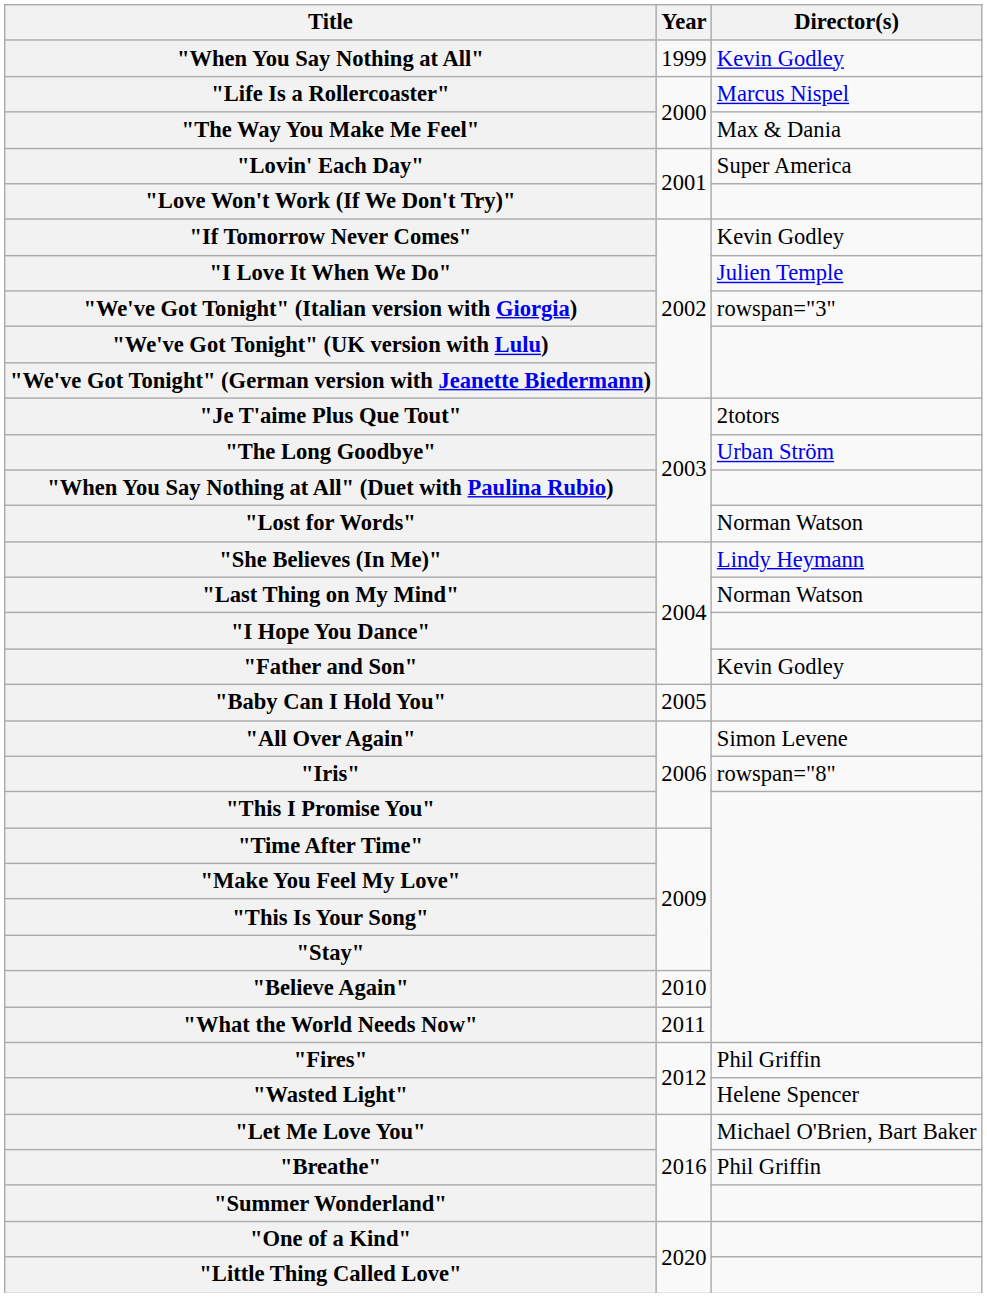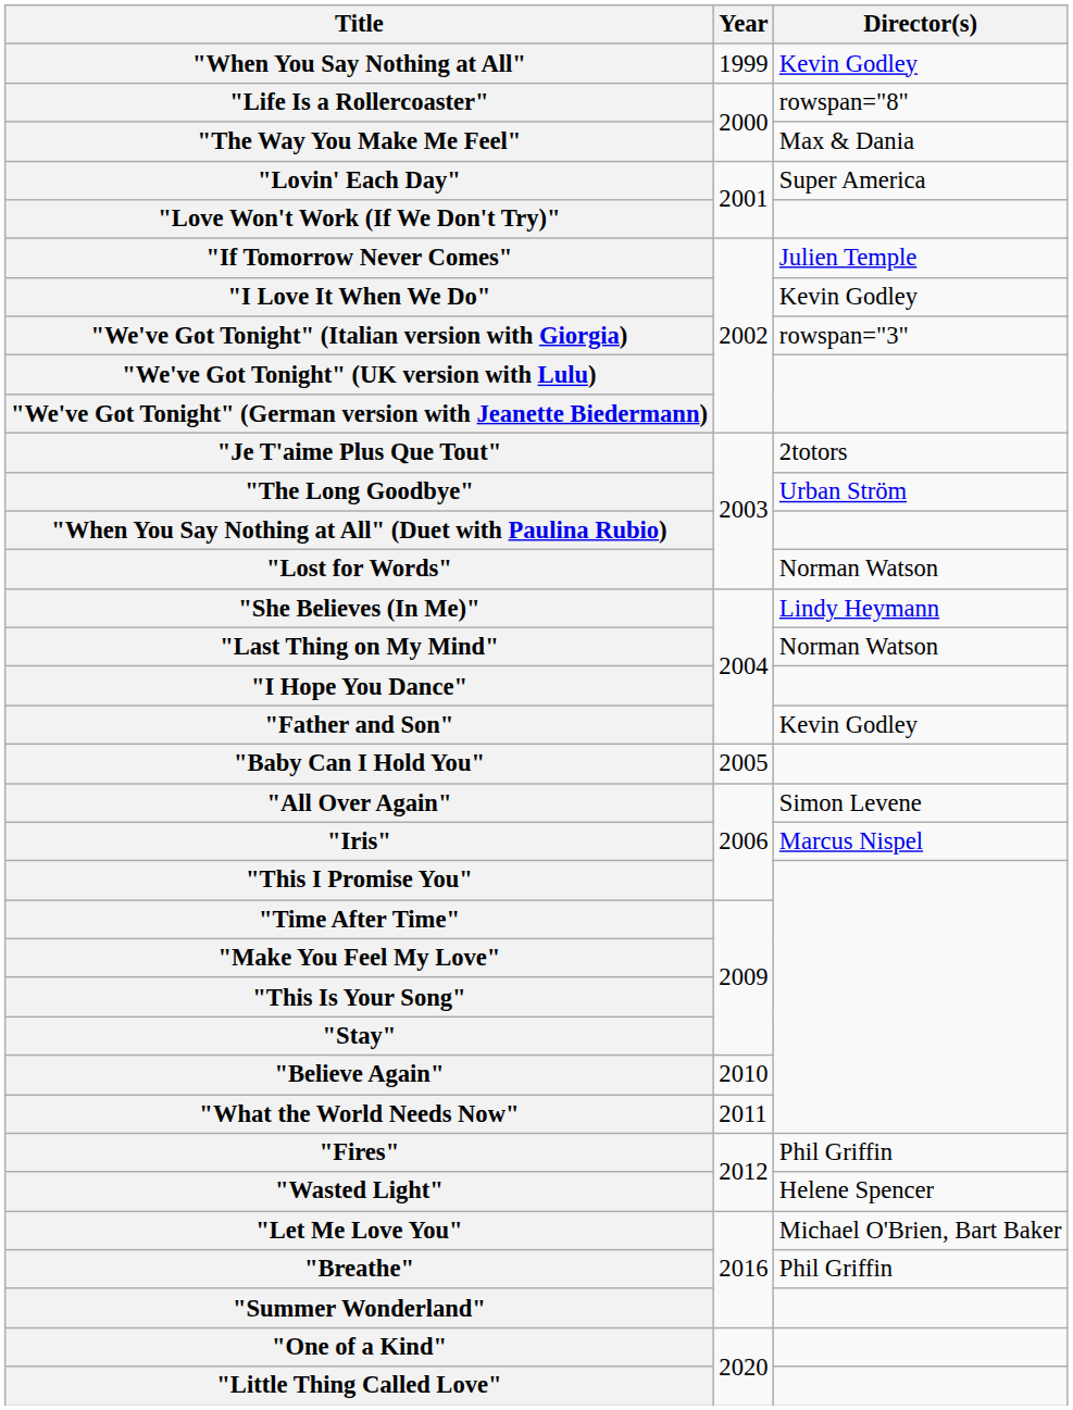 <table class="wikitable plainrowheaders">
 <tr>
 <th scope="col">Title</th>
 <th scope="col">Year</th>
 <th scope="col">Director(s)</th>
 </tr>
 <tr>
 <th scope="row">"When You Say Nothing at All"</th>
 <td>1999</td>
 <td><a href='#'>Kevin Godley</a></td>
 </tr>
 <tr>
 <th scope="row">"Life Is a Rollercoaster"</th>
 <td rowspan="2">2000</td>
-<td><a href='#'>Marcus Nispel</a></td>
+<td>rowspan="8" </td>
 </tr>
 <tr>
 <th scope="row">"The Way You Make Me Feel"</th>
 <td>Max & Dania</td>
 </tr>
 <tr>
 <th scope="row">"Lovin' Each Day"</th>
 <td rowspan="2">2001</td>
 <td>Super America</td>
 </tr>
 <tr>
 <th scope="row">"Love Won't Work (If We Don't Try)"</th>
 <td></td>
 </tr>
 <tr>
 <th scope="row">"If Tomorrow Never Comes"</th>
 <td rowspan="5">2002</td>
-<td>Kevin Godley</td>
+<td><a href='#'>Julien Temple</a></td>
 </tr>
 <tr>
 <th scope="row">"I Love It When We Do"</th>
-<td><a href='#'>Julien Temple</a></td>
+<td>Kevin Godley</td>
 </tr>
 <tr>
 <th scope="row">"We've Got Tonight" (Italian version with <a href='#'>Giorgia</a>)</th>
 <td>rowspan="3" </td>
 </tr>
 <tr>
 <th scope="row">"We've Got Tonight" (UK version with <a href='#'>Lulu</a>)</th>
 </tr>
 <tr>
 <th scope="row">"We've Got Tonight" (German version with <a href='#'>Jeanette Biedermann</a>)</th>
 </tr>
 <tr>
 <th scope="row">"Je T'aime Plus Que Tout"</th>
 <td rowspan="4">2003</td>
 <td>2totors</td>
 </tr>
 <tr>
 <th scope="row">"The Long Goodbye"</th>
 <td><a href='#'>Urban Ström</a></td>
 </tr>
 <tr>
 <th scope="row">"When You Say Nothing at All" (Duet with <a href='#'>Paulina Rubio</a>)</th>
 <td></td>
 </tr>
 <tr>
 <th scope="row">"Lost for Words"</th>
 <td>Norman Watson</td>
 </tr>
 <tr>
 <th scope="row">"She Believes (In Me)"</th>
 <td rowspan="4">2004</td>
 <td><a href='#'>Lindy Heymann</a></td>
 </tr>
 <tr>
 <th scope="row">"Last Thing on My Mind"</th>
 <td>Norman Watson</td>
 </tr>
 <tr>
 <th scope="row">"I Hope You Dance"</th>
 <td></td>
 </tr>
 <tr>
 <th scope="row">"Father and Son"</th>
 <td>Kevin Godley</td>
 </tr>
 <tr>
 <th scope="row">"Baby Can I Hold You"</th>
 <td>2005</td>
 <td></td>
 </tr>
 <tr>
 <th scope="row">"All Over Again"</th>
 <td rowspan="3">2006</td>
 <td>Simon Levene</td>
 </tr>
 <tr>
 <th scope="row">"Iris"</th>
-<td>rowspan="8" </td>
+<td><a href='#'>Marcus Nispel</a></td>
 </tr>
 <tr>
 <th scope="row">"This I Promise You"</th>
 </tr>
 <tr>
 <th scope="row">"Time After Time"</th>
 <td rowspan="4">2009</td>
 </tr>
 <tr>
 <th scope="row">"Make You Feel My Love"</th>
 </tr>
 <tr>
 <th scope="row">"This Is Your Song"</th>
 </tr>
 <tr>
 <th scope="row">"Stay"</th>
 </tr>
 <tr>
 <th scope="row">"Believe Again"</th>
 <td>2010</td>
 </tr>
 <tr>
 <th scope="row">"What the World Needs Now"</th>
 <td>2011</td>
 </tr>
 <tr>
 <th scope="row">"Fires"</th>
 <td rowspan="2">2012</td>
 <td>Phil Griffin</td>
 </tr>
 <tr>
 <th scope="row">"Wasted Light"</th>
 <td>Helene Spencer</td>
 </tr>
 <tr>
 <th scope="row">"Let Me Love You"</th>
 <td rowspan="3">2016</td>
 <td>Michael O'Brien, Bart Baker</td>
 </tr>
 <tr>
 <th scope="row">"Breathe"</th>
 <td>Phil Griffin</td>
 </tr>
 <tr>
 <th scope="row">"Summer Wonderland"</th>
 <td></td>
 </tr>
 <tr>
 <th scope="row">"One of a Kind"</th>
 <td rowspan="2">2020</td>
 <td></td>
 </tr>
 <tr>
 <th scope="row">"Little Thing Called Love"</th>
 <td></td>
 </tr>
 </table>
